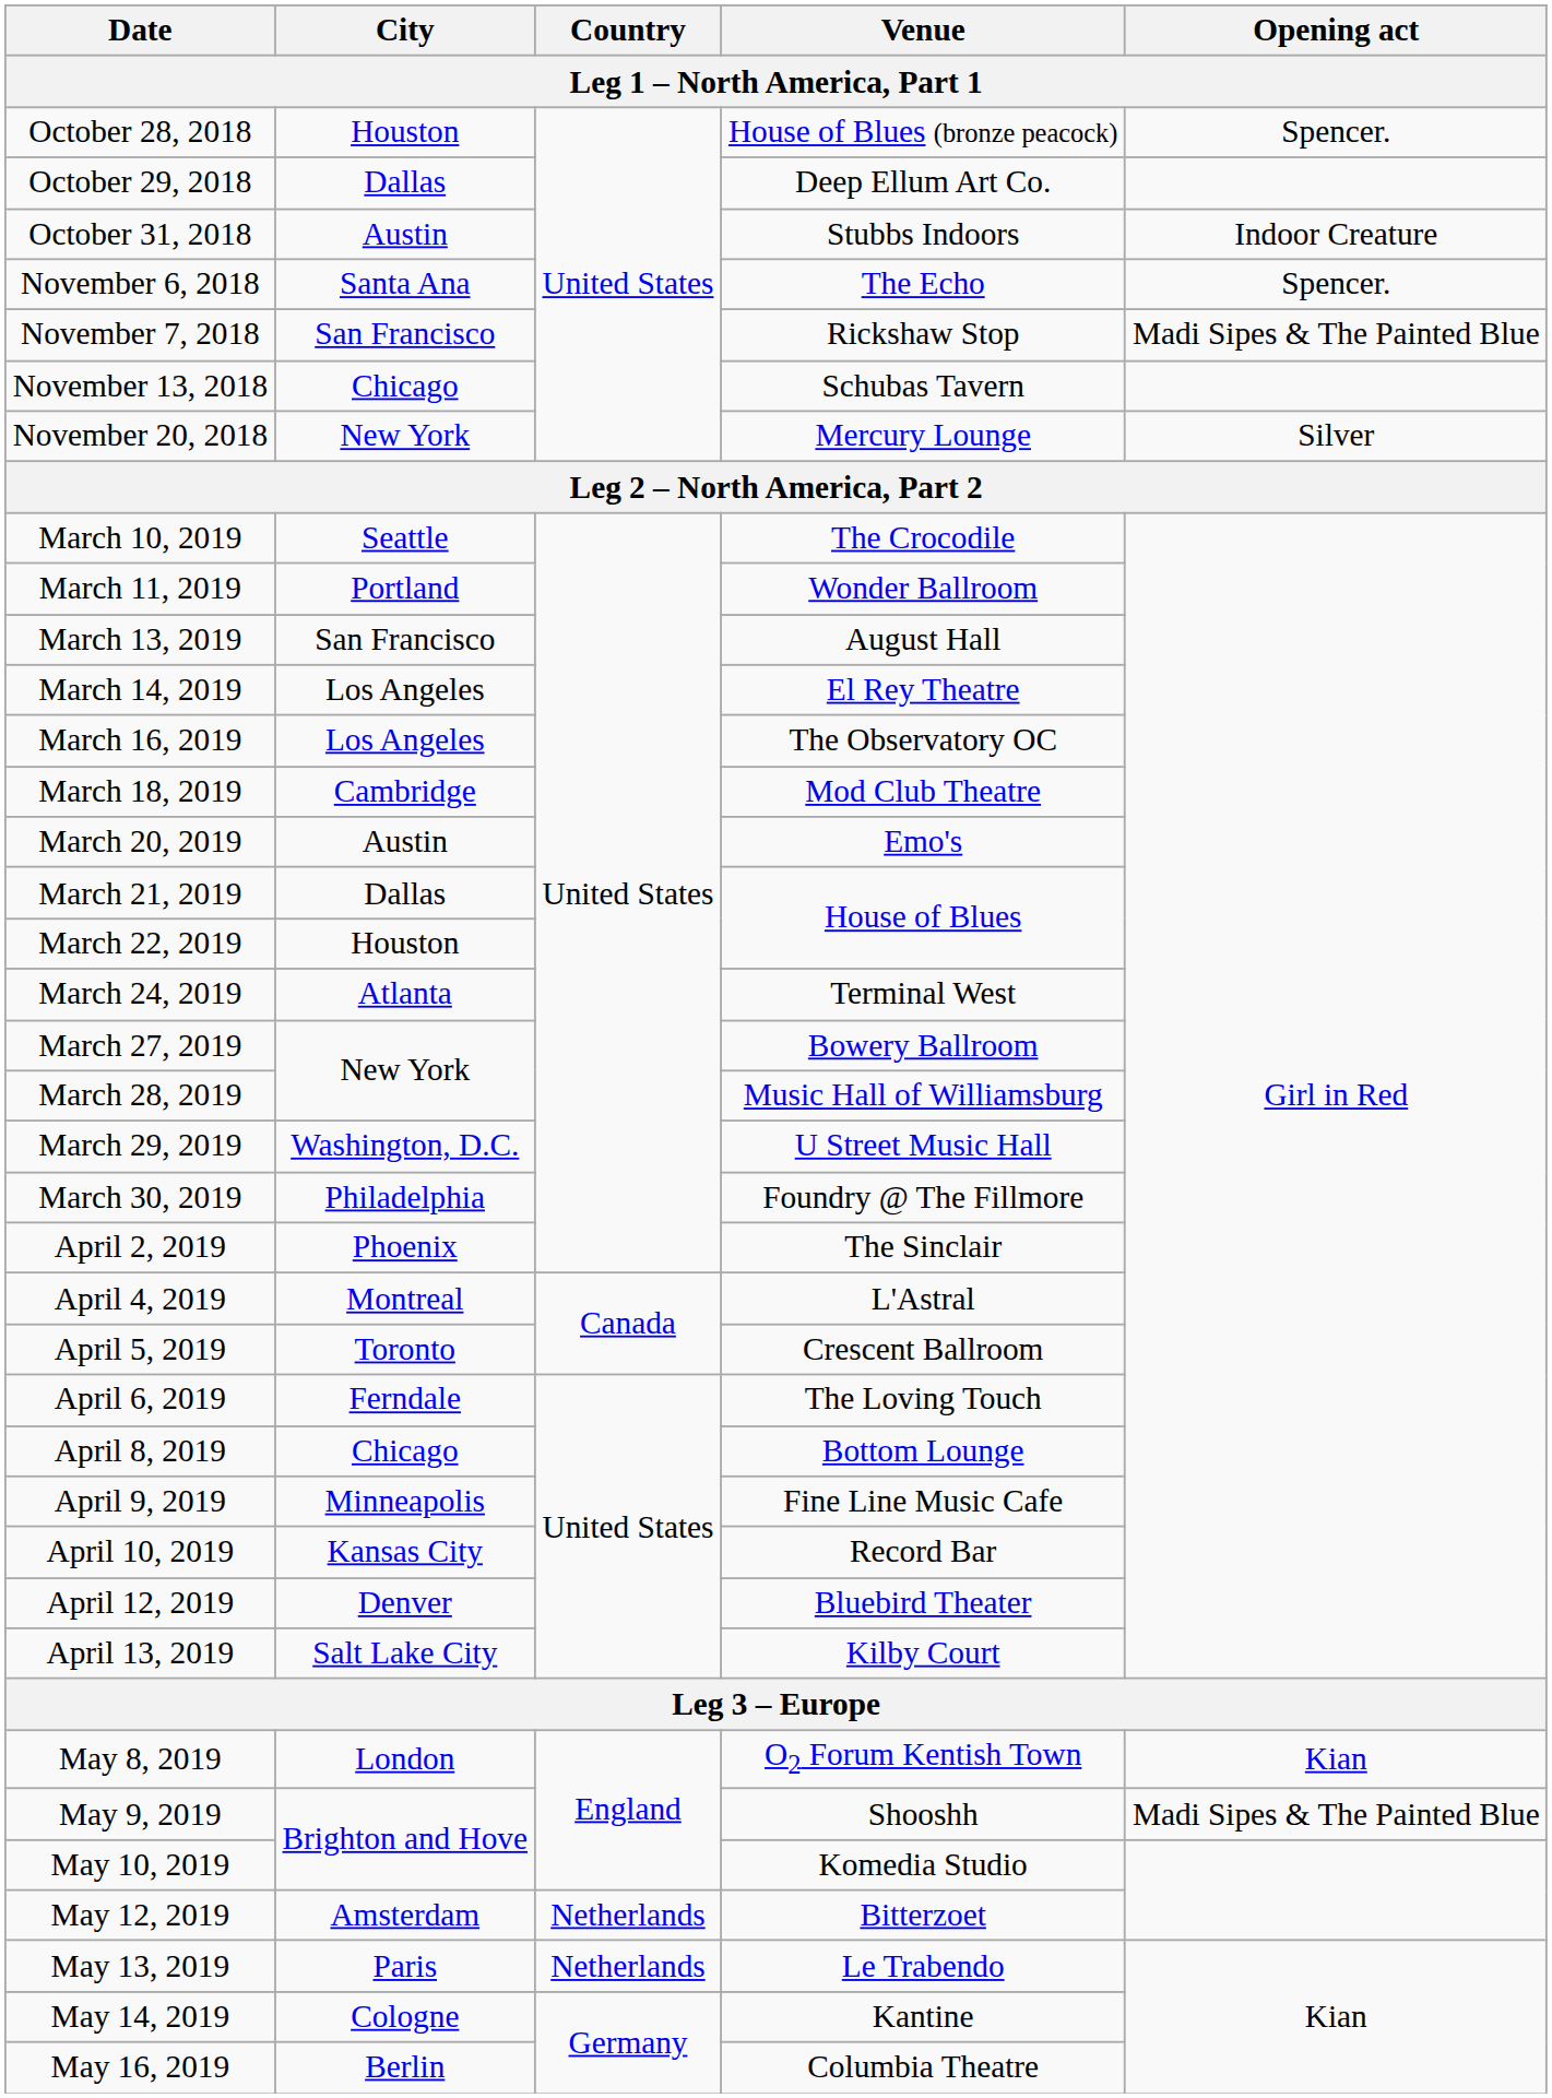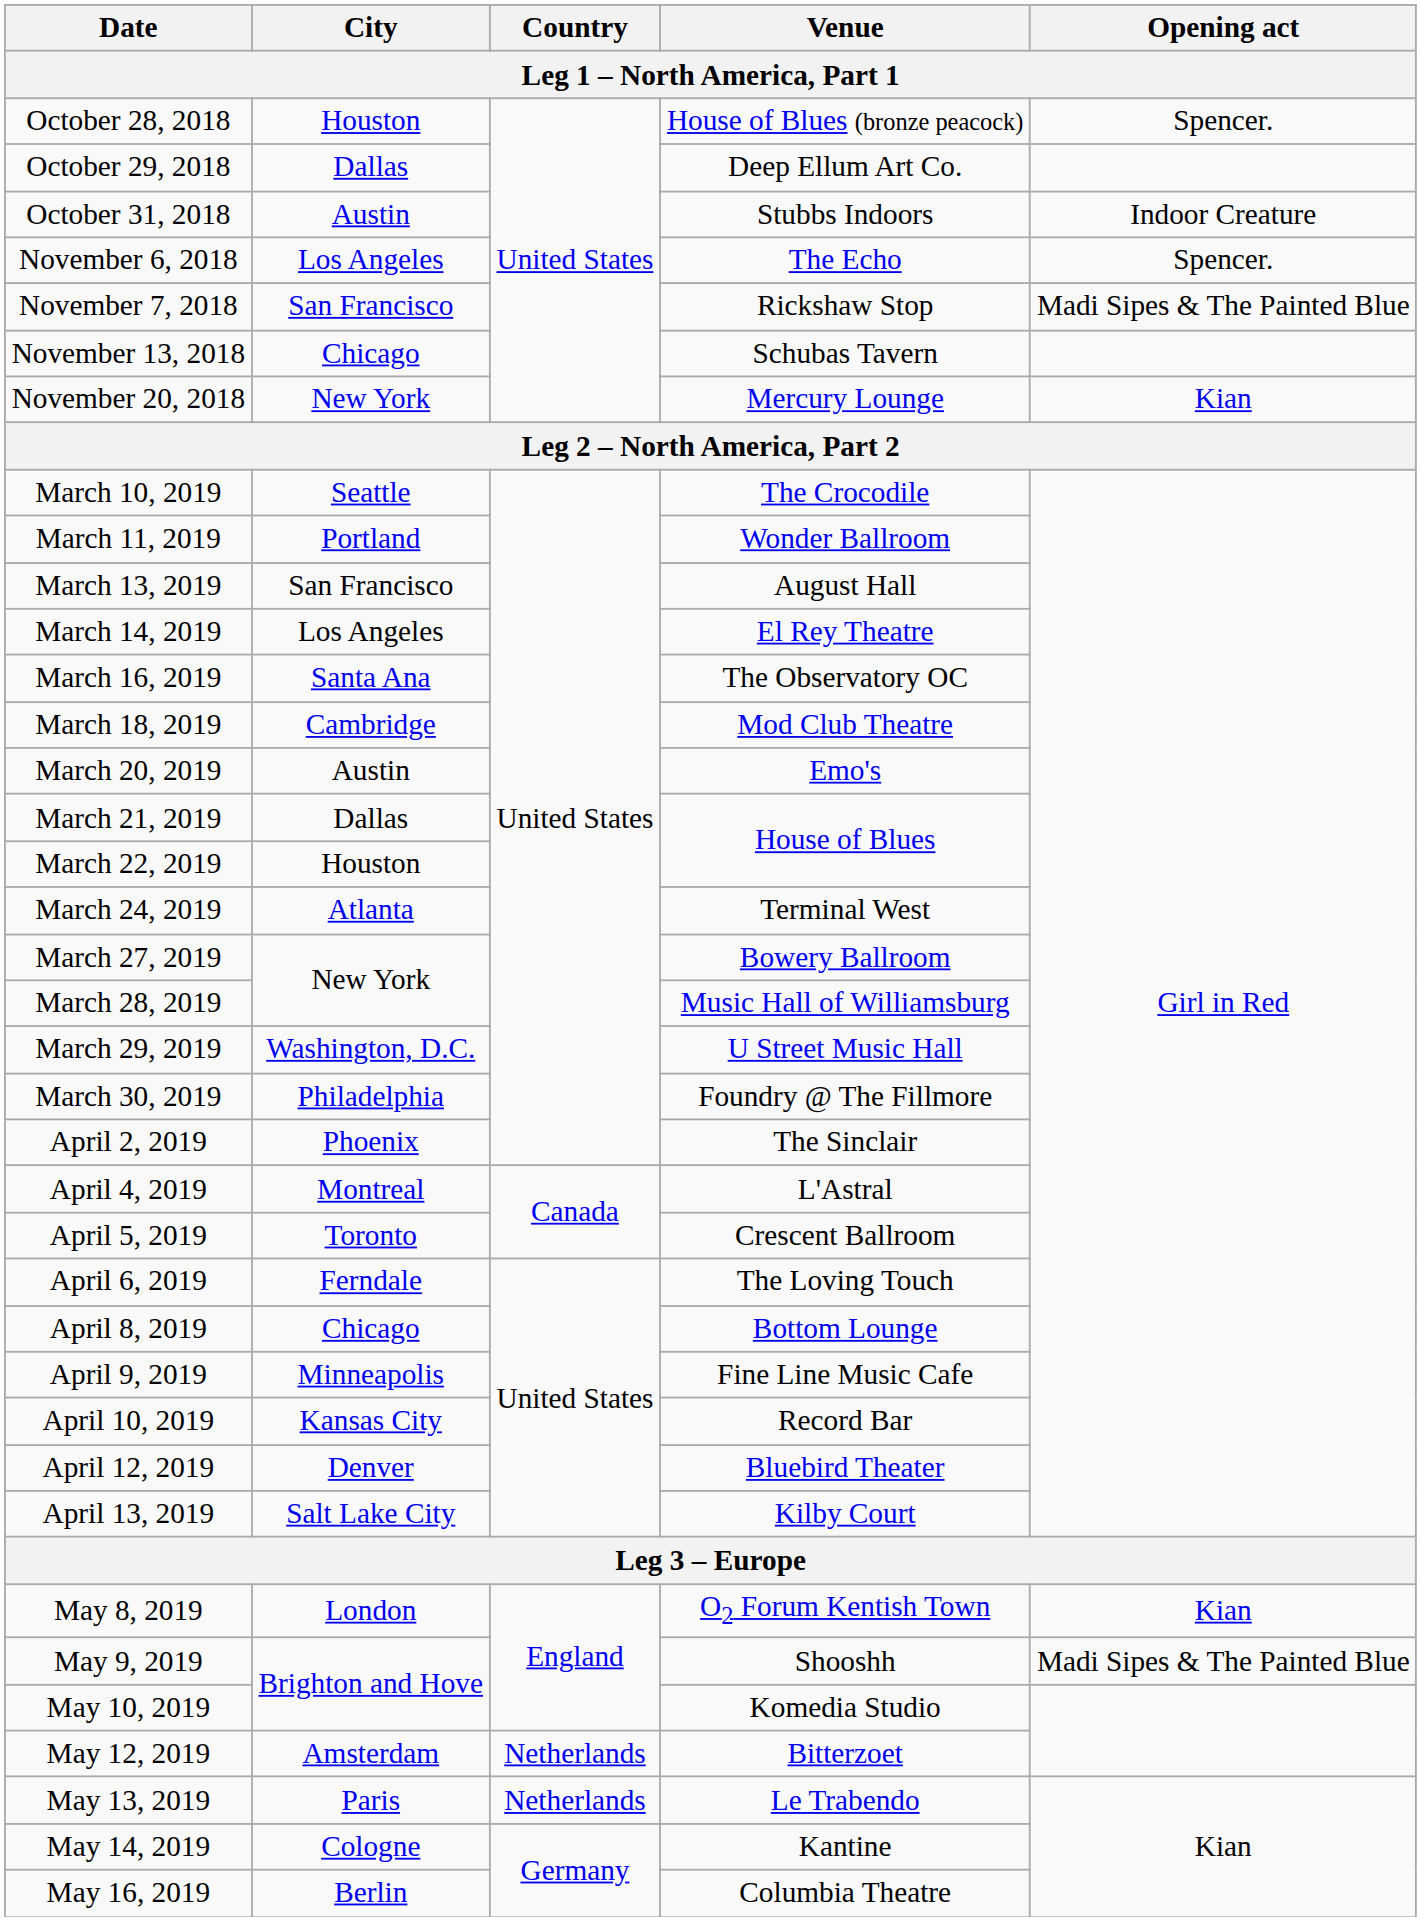 <table class="wikitable" style="text-align:center;">
 <tr>
 <th>Date</th>
 <th>City</th>
 <th>Country</th>
 <th>Venue</th>
 <th>Opening act</th>
 </tr>
 <tr>
 <th colspan="5">Leg 1 <strong>–</strong> North America, Part 1</th>
 </tr>
 <tr>
 <td>October 28, 2018</td>
 <td><a href='#'>Houston</a></td>
 <td rowspan="7"><a href='#'>United States</a></td>
 <td><a href='#'>House of Blues</a> <small>(bronze peacock)</small></td>
 <td>Spencer.</td>
 </tr>
 <tr>
 <td>October 29, 2018</td>
 <td><a href='#'>Dallas</a></td>
 <td>Deep Ellum Art Co.</td>
 </tr>
 <tr>
 <td>October 31, 2018</td>
 <td><a href='#'>Austin</a></td>
 <td>Stubbs Indoors</td>
 <td>Indoor Creature</td>
 </tr>
 <tr>
 <td>November 6, 2018</td>
-<td><a href='#'>Santa Ana</a></td>
+<td><a href='#'>Los Angeles</a></td>
 <td><a href='#'>The Echo</a></td>
 <td>Spencer.</td>
 </tr>
 <tr>
 <td>November 7, 2018</td>
 <td><a href='#'>San Francisco</a></td>
 <td>Rickshaw Stop</td>
 <td>Madi Sipes & The Painted Blue</td>
 </tr>
 <tr>
 <td>November 13, 2018</td>
 <td><a href='#'>Chicago</a></td>
 <td>Schubas Tavern</td>
 <td></td>
 </tr>
 <tr>
 <td>November 20, 2018</td>
 <td><a href='#'>New York</a></td>
 <td><a href='#'>Mercury Lounge</a></td>
-<td>Silver</td>
+<td><a href='#'>Kian</a></td>
 </tr>
 <tr>
 <th colspan="5">Leg 2 <strong>–</strong> North America, Part 2</th>
 </tr>
 <tr>
 <td>March 10, 2019</td>
 <td><a href='#'>Seattle</a></td>
 <td rowspan="15">United States</td>
 <td><a href='#'>The Crocodile</a></td>
 <td rowspan="23"><a href='#'>Girl in Red</a></td>
 </tr>
 <tr>
 <td>March 11, 2019</td>
 <td><a href='#'>Portland</a></td>
 <td><a href='#'>Wonder Ballroom</a></td>
 </tr>
 <tr>
 <td>March 13, 2019</td>
 <td>San Francisco</td>
 <td>August Hall</td>
 </tr>
 <tr>
 <td>March 14, 2019</td>
 <td>Los Angeles</td>
 <td><a href='#'>El Rey Theatre</a></td>
 </tr>
 <tr>
 <td>March 16, 2019</td>
-<td><a href='#'>Los Angeles</a></td>
+<td><a href='#'>Santa Ana</a></td>
 <td>The Observatory OC</td>
 </tr>
 <tr>
 <td>March 18, 2019</td>
 <td><a href='#'>Cambridge</a></td>
 <td><a href='#'>Mod Club Theatre</a></td>
 </tr>
 <tr>
 <td>March 20, 2019</td>
 <td>Austin</td>
 <td><a href='#'>Emo's</a></td>
 </tr>
 <tr>
 <td>March 21, 2019</td>
 <td>Dallas</td>
 <td rowspan="2"><a href='#'>House of Blues</a></td>
 </tr>
 <tr>
 <td>March 22, 2019</td>
 <td>Houston</td>
 </tr>
 <tr>
 <td>March 24, 2019</td>
 <td><a href='#'>Atlanta</a></td>
 <td>Terminal West</td>
 </tr>
 <tr>
 <td>March 27, 2019</td>
 <td rowspan="2">New York</td>
 <td><a href='#'>Bowery Ballroom</a></td>
 </tr>
 <tr>
 <td>March 28, 2019</td>
 <td><a href='#'>Music Hall of Williamsburg</a></td>
 </tr>
 <tr>
 <td>March 29, 2019</td>
 <td><a href='#'>Washington, D.C.</a></td>
 <td><a href='#'>U Street Music Hall</a></td>
 </tr>
 <tr>
 <td>March 30, 2019</td>
 <td><a href='#'>Philadelphia</a></td>
 <td>Foundry @ The Fillmore</td>
 </tr>
 <tr>
 <td>April 2, 2019</td>
 <td><a href='#'>Phoenix</a></td>
 <td>The Sinclair</td>
 </tr>
 <tr>
 <td>April 4, 2019</td>
 <td><a href='#'>Montreal</a></td>
 <td rowspan="2"><a href='#'>Canada</a></td>
 <td>L'Astral</td>
 </tr>
 <tr>
 <td>April 5, 2019</td>
 <td><a href='#'>Toronto</a></td>
 <td>Crescent Ballroom</td>
 </tr>
 <tr>
 <td>April 6, 2019</td>
 <td><a href='#'>Ferndale</a></td>
 <td rowspan="6">United States</td>
 <td>The Loving Touch</td>
 </tr>
 <tr>
 <td>April 8, 2019</td>
 <td><a href='#'>Chicago</a></td>
 <td><a href='#'>Bottom Lounge</a></td>
 </tr>
 <tr>
 <td>April 9, 2019</td>
 <td><a href='#'>Minneapolis</a></td>
 <td>Fine Line Music Cafe</td>
 </tr>
 <tr>
 <td>April 10, 2019</td>
 <td><a href='#'>Kansas City</a></td>
 <td>Record Bar</td>
 </tr>
 <tr>
 <td>April 12, 2019</td>
 <td><a href='#'>Denver</a></td>
 <td><a href='#'>Bluebird Theater</a></td>
 </tr>
 <tr>
 <td>April 13, 2019</td>
 <td><a href='#'>Salt Lake City</a></td>
 <td><a href='#'>Kilby Court</a></td>
 </tr>
 <tr>
 <th colspan="5">Leg 3 <strong>–</strong> Europe</th>
 </tr>
 <tr>
 <td>May 8, 2019</td>
 <td><a href='#'>London</a></td>
 <td rowspan="3"><a href='#'>England</a></td>
 <td><a href='#'>O<sub>2</sub> Forum Kentish Town</a></td>
 <td><a href='#'>Kian</a></td>
 </tr>
 <tr>
 <td>May 9, 2019</td>
 <td rowspan="2"><a href='#'>Brighton and Hove</a></td>
 <td>Shooshh</td>
 <td>Madi Sipes & The Painted Blue</td>
 </tr>
 <tr>
 <td>May 10, 2019</td>
 <td>Komedia Studio</td>
 </tr>
 <tr>
 <td>May 12, 2019</td>
 <td><a href='#'>Amsterdam</a></td>
 <td><a href='#'>Netherlands</a></td>
 <td><a href='#'>Bitterzoet</a></td>
 </tr>
 <tr>
 <td>May 13, 2019</td>
 <td><a href='#'>Paris</a></td>
 <td><a href='#'>Netherlands</a></td>
 <td><a href='#'>Le Trabendo</a></td>
 <td rowspan="3">Kian</td>
 </tr>
 <tr>
 <td>May 14, 2019</td>
 <td><a href='#'>Cologne</a></td>
 <td rowspan="2"><a href='#'>Germany</a></td>
 <td>Kantine</td>
 </tr>
 <tr>
 <td>May 16, 2019</td>
 <td><a href='#'>Berlin</a></td>
 <td>Columbia Theatre</td>
 </tr>
 </table>
